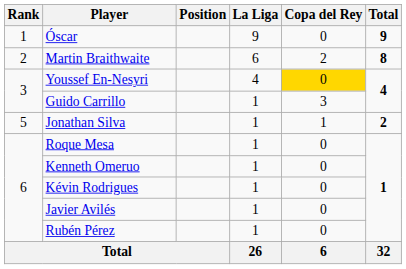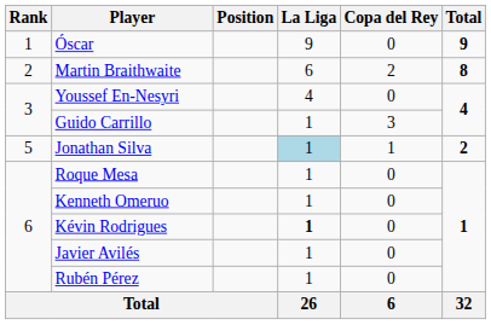 <table class="wikitable">
 <tr>
 <th>Rank</th>
 <th style="width:150px;">Player</th>
 <th>Position</th>
 <th>La Liga</th>
 <th>Copa del Rey</th>
 <th>Total</th>
 </tr>
 <tr>
 <td align=center>1</td>
 <td> <a href='#'>Óscar</a></td>
 <td align=center></td>
 <td align=center>9</td>
 <td align=center>0</td>
 <td align=center><strong>9</strong></td>
 </tr>
 <tr>
 <td align=center>2</td>
 <td> <a href='#'>Martin Braithwaite</a></td>
 <td align=center></td>
 <td align=center>6</td>
 <td align=center>2</td>
 <td align=center><strong>8</strong></td>
 </tr>
 <tr>
 <td align=center rowspan=2>3</td>
 <td> <a href='#'>Youssef En-Nesyri</a></td>
 <td align=center></td>
 <td align=center>4</td>
-<td align=center style="background: gold;">0</td>
+<td align=center>0</td>
 <td align=center rowspan=2><strong>4</strong></td>
 </tr>
 <tr>
 <td> <a href='#'>Guido Carrillo</a></td>
 <td align=center></td>
 <td align=center>1</td>
 <td align=center>3</td>
 </tr>
 <tr>
 <td align=center>5</td>
 <td> <a href='#'>Jonathan Silva</a></td>
 <td align=center></td>
-<td align=center>1</td>
+<td align=center style="background: lightblue;">1</td>
 <td align=center>1</td>
 <td align=center><strong>2</strong></td>
 </tr>
 <tr>
 <td align=center rowspan=5>6</td>
 <td> <a href='#'>Roque Mesa</a></td>
 <td align=center></td>
 <td align=center>1</td>
 <td align=center>0</td>
 <td align=center rowspan=5><strong>1</strong></td>
 </tr>
 <tr>
 <td> <a href='#'>Kenneth Omeruo</a></td>
 <td align=center></td>
 <td align=center>1</td>
 <td align=center>0</td>
 </tr>
 <tr>
 <td> <a href='#'>Kévin Rodrigues</a></td>
 <td align=center></td>
-<td align=center>1</td>
+<td align=center><strong>1</strong></td>
 <td align=center>0</td>
 </tr>
 <tr>
 <td> <a href='#'>Javier Avilés</a></td>
 <td align=center></td>
 <td align=center>1</td>
 <td align=center>0</td>
 </tr>
 <tr>
 <td> <a href='#'>Rubén Pérez</a></td>
 <td align=center></td>
 <td align=center>1</td>
 <td align=center>0</td>
 </tr>
 <tr>
 <th align=center colspan=3>Total</th>
 <th align=center>26</th>
 <th align=center>6</th>
 <th align=center>32</th>
 </tr>
 </table>
